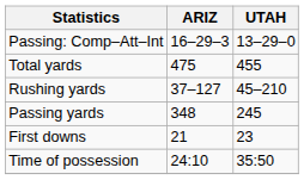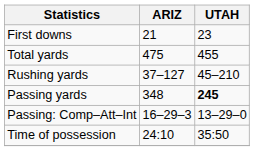 <table class="wikitable" style="float: left;">
 <tr>
 <th>Statistics</th>
 <th>ARIZ</th>
 <th>UTAH</th>
 </tr>
 <tr>
-<td>Passing: Comp–Att–Int</td>
-<td>16–29–3</td>
-<td>13–29–0</td>
+<td>First downs</td>
+<td>21</td>
+<td>23</td>
 </tr>
 <tr>
 <td>Total yards</td>
 <td>475</td>
 <td>455</td>
 </tr>
 <tr>
 <td>Rushing yards</td>
 <td>37–127</td>
 <td>45–210</td>
 </tr>
 <tr>
 <td>Passing yards</td>
 <td>348</td>
-<td>245</td>
+<td><strong>245</strong></td>
 </tr>
 <tr>
-<td>First downs</td>
-<td>21</td>
-<td>23</td>
+<td>Passing: Comp–Att–Int</td>
+<td>16–29–3</td>
+<td>13–29–0</td>
 </tr>
 <tr>
 <td>Time of possession</td>
 <td>24:10</td>
 <td>35:50</td>
 </tr>
 <tr>
 </tr>
 </table>
